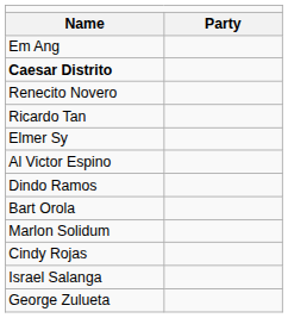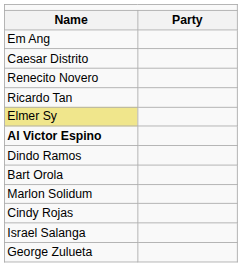 <table class=wikitable style="font-size:90%">
 <tr>
 <td colspan=4 bgcolor=></td>
 </tr>
 <tr>
 <th style="width:150px;">Name</th>
 <th colspan="2" style="width:110px;">Party</th>
 </tr>
 <tr>
 <td>Em Ang</td>
 <td></td>
 </tr>
 <tr>
-<td><strong>Caesar Distrito</strong></td>
+<td>Caesar Distrito</td>
 <td></td>
 </tr>
 <tr>
 <td>Renecito Novero</td>
 <td></td>
 </tr>
 <tr>
 <td>Ricardo Tan</td>
 <td></td>
 </tr>
 <tr>
-<td>Elmer Sy</td>
+<td style="background: khaki;">Elmer Sy</td>
 <td></td>
 </tr>
 <tr>
-<td>Al Victor Espino</td>
+<td><strong>Al Victor Espino</strong></td>
 <td></td>
 </tr>
 <tr>
 <td>Dindo Ramos</td>
 <td></td>
 </tr>
 <tr>
 <td>Bart Orola</td>
 <td></td>
 </tr>
 <tr>
 <td>Marlon Solidum</td>
 <td></td>
 </tr>
 <tr>
 <td>Cindy Rojas</td>
 <td></td>
 </tr>
 <tr>
 <td>Israel Salanga</td>
 <td></td>
 </tr>
 <tr>
 <td>George Zulueta</td>
 <td></td>
 </tr>
 </table>
